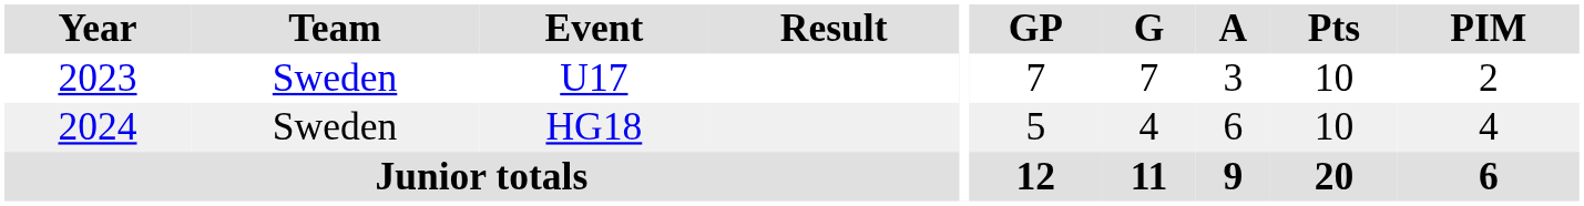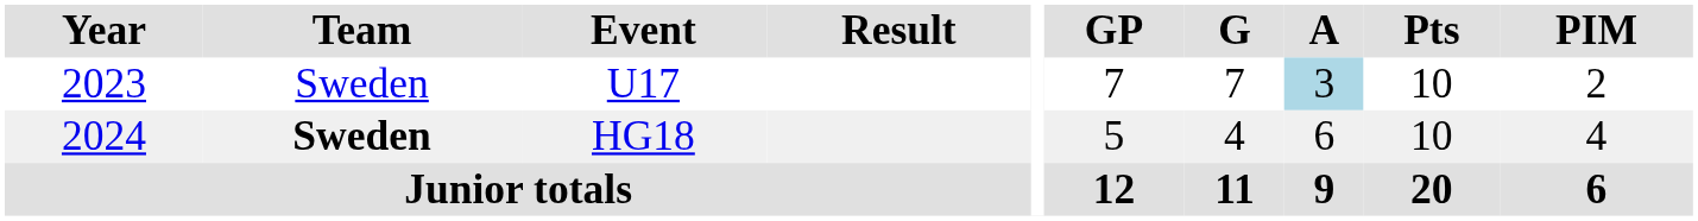 <table border="0" cellpadding="1" cellspacing="0" ID="Table3" style="text-align:center; width:40em;">
 <tr bgcolor="#e0e0e0">
 <th>Year</th>
 <th>Team</th>
 <th>Event</th>
 <th>Result</th>
 <th rowspan="98" bgcolor="#ffffff"></th>
 <th>GP</th>
 <th>G</th>
 <th>A</th>
 <th>Pts</th>
 <th>PIM</th>
 </tr>
 <tr>
 <td><a href='#'>2023</a></td>
 <td><a href='#'>Sweden</a></td>
 <td><a href='#'>U17</a></td>
 <td></td>
 <td>7</td>
 <td>7</td>
-<td>3</td>
+<td style="background: lightblue;">3</td>
 <td>10</td>
 <td>2</td>
 </tr>
 <tr bgcolor="#f0f0f0">
 <td><a href='#'>2024</a></td>
-<td>Sweden</td>
+<td><strong>Sweden</strong></td>
 <td><a href='#'>HG18</a></td>
 <td></td>
 <td>5</td>
 <td>4</td>
 <td>6</td>
 <td>10</td>
 <td>4</td>
 </tr>
 <tr bgcolor="#e0e0e0">
 <th colspan="4">Junior totals</th>
 <th>12</th>
 <th>11</th>
 <th>9</th>
 <th>20</th>
 <th>6</th>
 </tr>
 </table>
